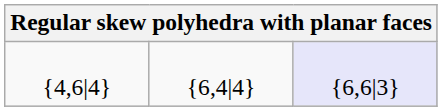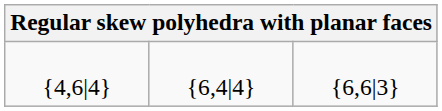 <table class="wikitable">
 <tr>
 <th colspan=3>Regular skew polyhedra with planar faces</th>
 </tr>
 <tr>
 <td align=center><br>{4,6|4}</td>
 <td align=center><br>{6,4|4}</td>
-<td align=center style="background: lavender;"><br>{6,6|3}</td>
+<td align=center><br>{6,6|3}</td>
 </tr>
 </table>
